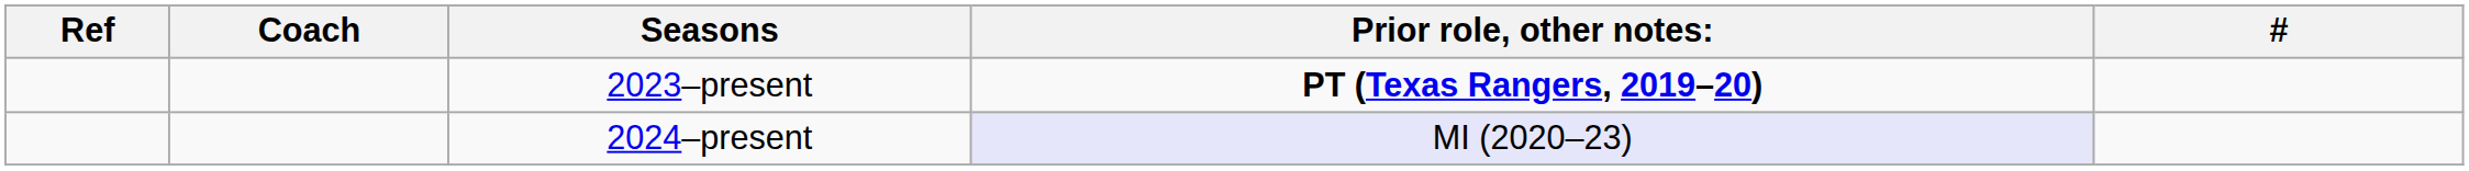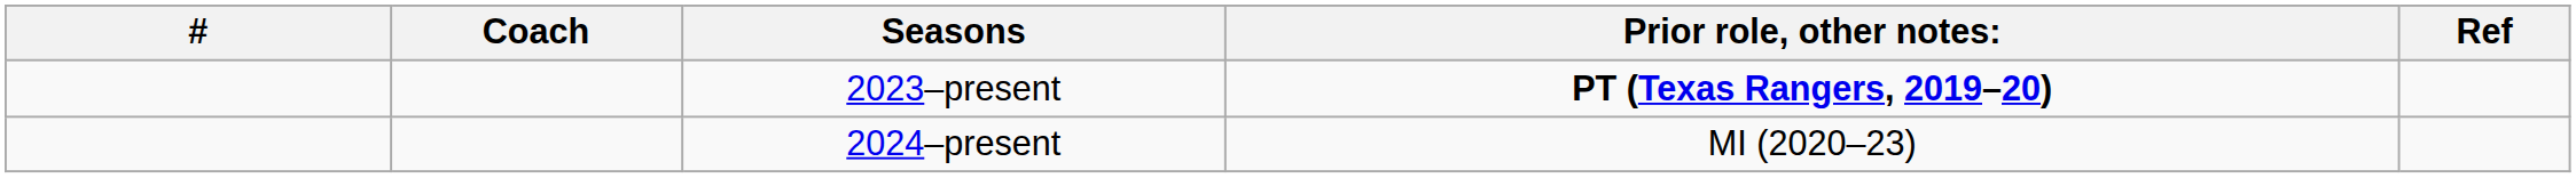 <table class="wikitable sortable" style="text-align:center; width:74%">
 <tr>
-<th class="unsortable">Ref</th>
+<th width="15%">#</th>
 <th>Coach</th>
 <th>Seasons</th>
 <th class="unsortable">Prior role, other notes:</th>
-<th width="15%">#</th>
+<th class="unsortable">Ref</th>
 </tr>
 <tr>
 <td></td>
 <td></td>
 <td><a href='#'>2023</a>–present</td>
 <td><strong>PT (<a href='#'>Texas Rangers</a>, <a href='#'>2019</a>–<a href='#'>20</a>)</strong></td>
 <td></td>
 </tr>
 <tr>
 <td></td>
 <td></td>
 <td><a href='#'>2024</a>–present</td>
-<td style="background: lavender;">MI (2020–23)</td>
+<td>MI (2020–23)</td>
 <td></td>
 </tr>
 </table>
